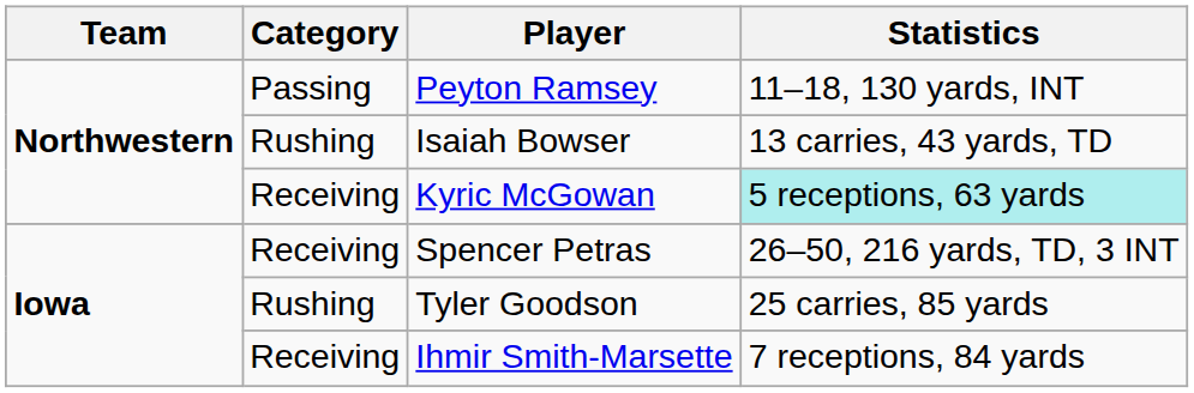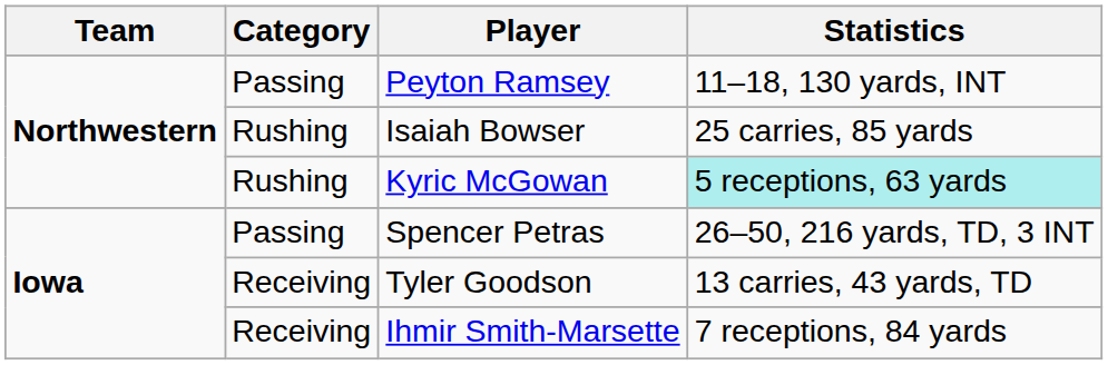 <table class="wikitable" style="float: left;">
 <tr>
 <th>Team</th>
 <th>Category</th>
 <th>Player</th>
 <th>Statistics</th>
 </tr>
 <tr>
 <td rowspan=3><strong>Northwestern</strong></td>
 <td>Passing</td>
 <td><a href='#'>Peyton Ramsey</a></td>
 <td>11–18, 130 yards, INT</td>
 </tr>
 <tr>
 <td>Rushing</td>
 <td>Isaiah Bowser</td>
-<td>13 carries, 43 yards, TD</td>
+<td>25 carries, 85 yards</td>
 </tr>
 <tr>
-<td>Receiving</td>
+<td>Rushing</td>
 <td><a href='#'>Kyric McGowan</a></td>
 <td style="background: paleturquoise;">5 receptions, 63 yards</td>
 </tr>
 <tr>
 <td rowspan=3><strong>Iowa</strong></td>
-<td>Receiving</td>
+<td>Passing</td>
 <td>Spencer Petras</td>
 <td>26–50, 216 yards, TD, 3 INT</td>
 </tr>
 <tr>
-<td>Rushing</td>
+<td>Receiving</td>
 <td>Tyler Goodson</td>
-<td>25 carries, 85 yards</td>
+<td>13 carries, 43 yards, TD</td>
 </tr>
 <tr>
 <td>Receiving</td>
 <td><a href='#'>Ihmir Smith-Marsette</a></td>
 <td>7 receptions, 84 yards</td>
 </tr>
 </table>
